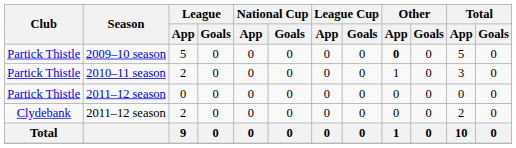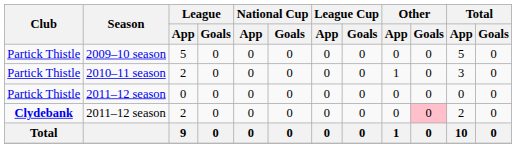 <table class="wikitable">
 <tr>
 <th rowspan=2>Club</th>
 <th rowspan=2>Season</th>
 <th colspan=2>League</th>
 <th colspan=2>National Cup</th>
 <th colspan=2>League Cup</th>
 <th colspan=2>Other</th>
 <th colspan=2>Total</th>
 </tr>
 <tr>
 <th>App</th>
 <th>Goals</th>
 <th>App</th>
 <th>Goals</th>
 <th>App</th>
 <th>Goals</th>
 <th>App</th>
 <th>Goals</th>
 <th>App</th>
 <th>Goals</th>
 </tr>
 <tr align=center>
 <td rowspan=1><a href='#'>Partick Thistle</a></td>
 <td><a href='#'>2009–10 season</a></td>
 <td>5</td>
 <td>0</td>
 <td>0</td>
 <td>0</td>
 <td>0</td>
 <td>0</td>
-<td><strong>0</strong></td>
+<td>0</td>
 <td>0</td>
 <td>5</td>
 <td>0</td>
 </tr>
 <tr align=center>
 <td rowspan=1><a href='#'>Partick Thistle</a></td>
 <td><a href='#'>2010–11 season</a></td>
 <td>2</td>
 <td>0</td>
 <td>0</td>
 <td>0</td>
 <td>0</td>
 <td>0</td>
 <td>1</td>
 <td>0</td>
 <td>3</td>
 <td>0</td>
 </tr>
 <tr align=center>
 <td rowspan=1><a href='#'>Partick Thistle</a></td>
 <td><a href='#'>2011–12 season</a></td>
 <td>0</td>
 <td>0</td>
 <td>0</td>
 <td>0</td>
 <td>0</td>
 <td>0</td>
 <td>0</td>
 <td>0</td>
 <td>0</td>
 <td>0</td>
 </tr>
 <tr align=center>
-<td rowspan=1><a href='#'>Clydebank</a></td>
+<td rowspan=1><strong><a href='#'>Clydebank</a></strong></td>
 <td>2011–12 season</td>
 <td>2</td>
 <td>0</td>
 <td>0</td>
 <td>0</td>
 <td>0</td>
 <td>0</td>
 <td>0</td>
-<td>0</td>
+<td style="background: pink;">0</td>
 <td>2</td>
 <td>0</td>
 </tr>
 <tr align=center>
 <th>Total</th>
 <th></th>
 <th>9</th>
 <th>0</th>
 <th>0</th>
 <th>0</th>
 <th>0</th>
 <th>0</th>
 <th>1</th>
 <th>0</th>
 <th>10</th>
 <th>0</th>
 </tr>
 <tr>
 </tr>
 </table>
